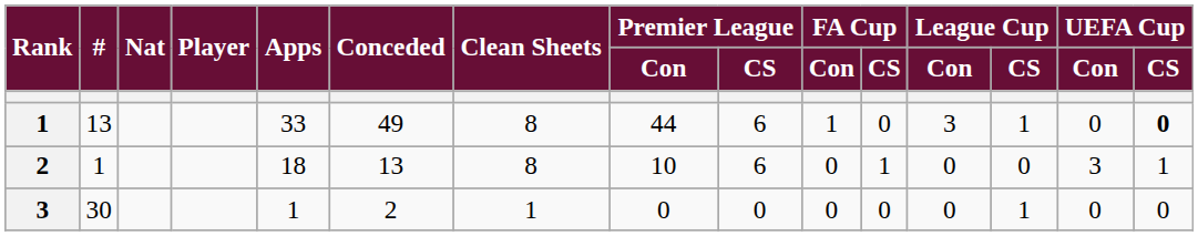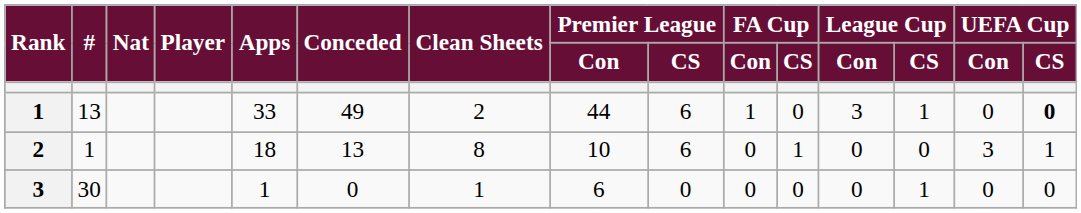 <table class="wikitable sortable" style="text-align:center; font-size:84.5%; width:100%;">
 <tr>
 <th rowspan="2"; style="background:#670E36; color:#FFFFFF; text-align:center;">Rank</th>
 <th rowspan="2"; style="background:#670E36; color:#FFFFFF; text-align:center;">#</th>
 <th rowspan="2"; style="background:#670E36; color:#FFFFFF; text-align:center;">Nat</th>
 <th rowspan="2"; style="background:#670E36; color:#FFFFFF; text-align:left;">Player</th>
 <th rowspan="2"; style="background:#670E36; color:#FFFFFF; text-align:center;">Apps</th>
 <th rowspan="2"; style="background:#670E36; color:#FFFFFF; text-align:center;">Conceded</th>
 <th rowspan="2"; style="background:#670E36; color:#FFFFFF; text-align:center;">Clean Sheets</th>
 <th colspan="2"; style="background:#670E36; color:#FFFFFF; text-align:center;">Premier League</th>
 <th colspan="2"; style="background:#670E36; color:#FFFFFF; text-align:center;">FA Cup</th>
 <th colspan="2"; style="background:#670E36; color:#FFFFFF; text-align:center;">League Cup</th>
 <th colspan="2"; style="background:#670E36; color:#FFFFFF; text-align:center;">UEFA Cup</th>
 </tr>
 <tr>
 <th style="background:#670E36; color:#FFFFFF; text-align:center;">Con</th>
 <th style="background:#670E36; color:#FFFFFF; text-align:center;">CS</th>
 <th style="background:#670E36; color:#FFFFFF; text-align:center;">Con</th>
 <th style="background:#670E36; color:#FFFFFF; text-align:center;">CS</th>
 <th style="background:#670E36; color:#FFFFFF; text-align:center;">Con</th>
 <th style="background:#670E36; color:#FFFFFF; text-align:center;">CS</th>
 <th style="background:#670E36; color:#FFFFFF; text-align:center;">Con</th>
 <th style="background:#670E36; color:#FFFFFF; text-align:center;">CS</th>
 </tr>
 <tr>
 <th></th>
 <th></th>
 <th></th>
 <th></th>
 <th></th>
 <th></th>
 <th></th>
 <th></th>
 <th></th>
 <th></th>
 <th></th>
 <th></th>
 <th></th>
 <th></th>
 <th></th>
 </tr>
 <tr>
 <th>1</th>
 <td>13</td>
 <td></td>
 <td style="text-align:left;"></td>
 <td>33</td>
 <td>49</td>
-<td>8</td>
+<td>2</td>
 <td>44</td>
 <td>6</td>
 <td>1</td>
 <td>0</td>
 <td>3</td>
 <td>1</td>
 <td>0</td>
 <td><strong>0</strong></td>
 </tr>
 <tr>
 <th>2</th>
 <td>1</td>
 <td></td>
 <td style="text-align:left;"></td>
 <td>18</td>
 <td>13</td>
 <td>8</td>
 <td>10</td>
 <td>6</td>
 <td>0</td>
 <td>1</td>
 <td>0</td>
 <td>0</td>
 <td>3</td>
 <td>1</td>
 </tr>
 <tr>
 <th>3</th>
 <td>30</td>
 <td></td>
 <td style="text-align:left;"></td>
 <td>1</td>
-<td>2</td>
+<td>0</td>
 <td>1</td>
-<td>0</td>
+<td>6</td>
 <td>0</td>
 <td>0</td>
 <td>0</td>
 <td>0</td>
 <td>1</td>
 <td>0</td>
 <td>0</td>
 </tr>
 </table>
